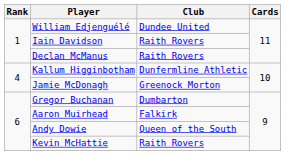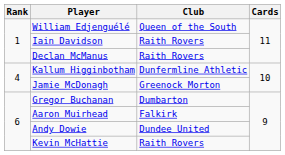 <table class="wikitable" style="text-align:center">
 <tr>
 <th>Rank</th>
 <th>Player</th>
 <th>Club</th>
 <th>Cards</th>
 </tr>
 <tr>
 <td rowspan="3">1</td>
 <td align="left"> <a href='#'>William Edjenguélé</a></td>
-<td align="left"><a href='#'>Dundee United</a></td>
+<td align="left"><a href='#'>Queen of the South</a></td>
 <td rowspan="3">11</td>
 </tr>
 <tr>
 <td align="left"> <a href='#'>Iain Davidson</a></td>
 <td align="left"><a href='#'>Raith Rovers</a></td>
 </tr>
 <tr>
 <td align="left"> <a href='#'>Declan McManus</a></td>
 <td align="left"><a href='#'>Raith Rovers</a></td>
 </tr>
 <tr>
 <td rowspan="2">4</td>
 <td align="left"> <a href='#'>Kallum Higginbotham</a></td>
 <td align="left"><a href='#'>Dunfermline Athletic</a></td>
 <td rowspan="2">10</td>
 </tr>
 <tr>
 <td align="left"> <a href='#'>Jamie McDonagh</a></td>
 <td align="left"><a href='#'>Greenock Morton</a></td>
 </tr>
 <tr>
 <td rowspan="4">6</td>
 <td align="left"> <a href='#'>Gregor Buchanan</a></td>
 <td align="left"><a href='#'>Dumbarton</a></td>
 <td rowspan="4">9</td>
 </tr>
 <tr>
 <td align="left"> <a href='#'>Aaron Muirhead</a></td>
 <td align="left"><a href='#'>Falkirk</a></td>
 </tr>
 <tr>
 <td align="left"> <a href='#'>Andy Dowie</a></td>
-<td align="left"><a href='#'>Queen of the South</a></td>
+<td align="left"><a href='#'>Dundee United</a></td>
 </tr>
 <tr>
 <td align="left"> <a href='#'>Kevin McHattie</a></td>
 <td align="left"><a href='#'>Raith Rovers</a></td>
 </tr>
 </table>
